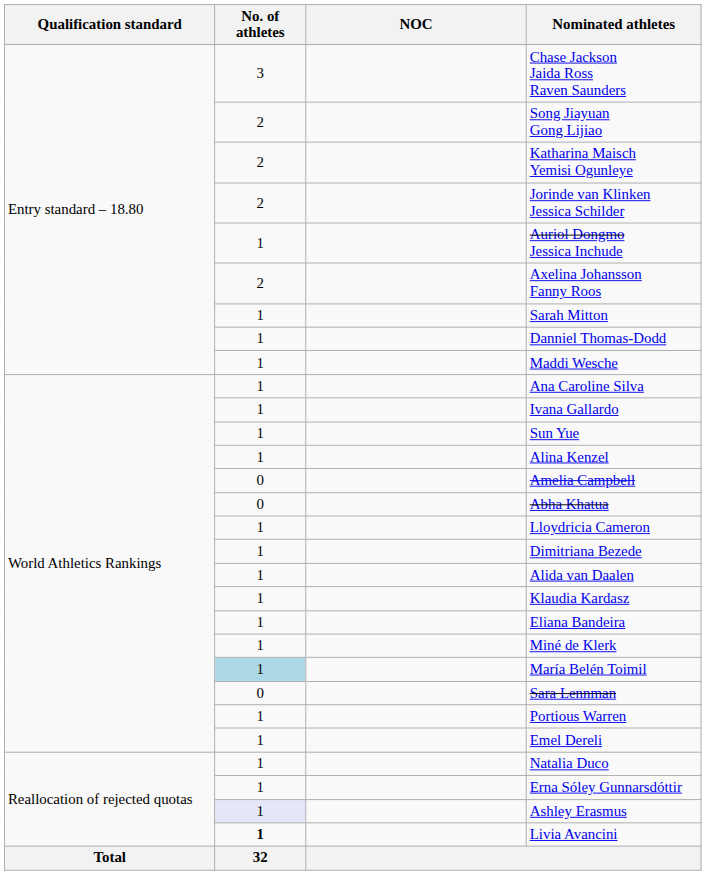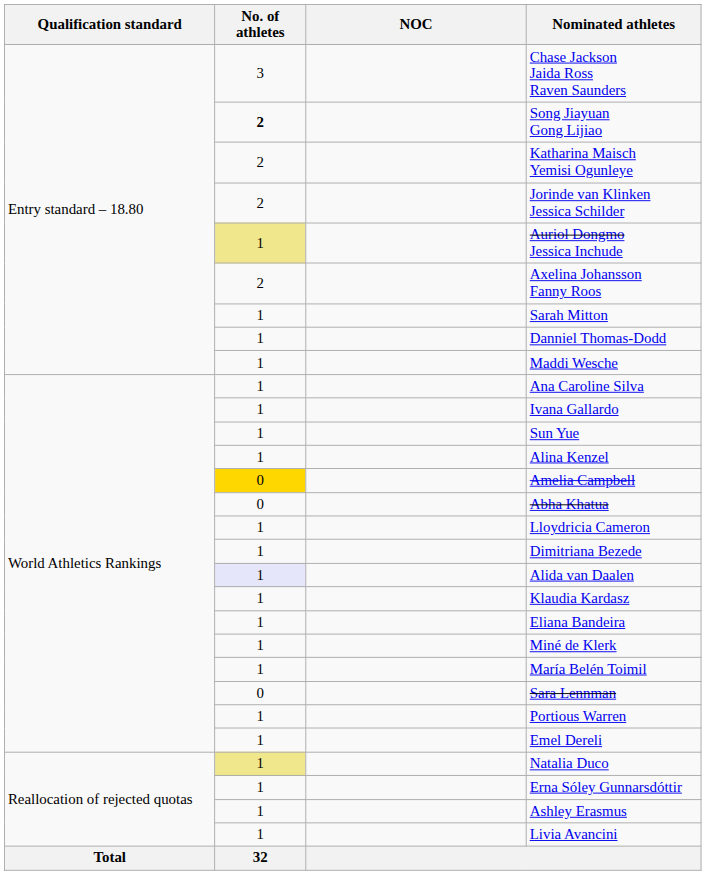 <table class="wikitable sortable" style="text-align:left; width:750px;">
 <tr>
 <th>Qualification standard</th>
 <th width=90>No. of athletes</th>
 <th width=230>NOC</th>
 <th>Nominated athletes</th>
 </tr>
 <tr>
 <td rowspan=9>Entry standard – 18.80</td>
 <td align=center>3</td>
 <td></td>
 <td><a href='#'>Chase Jackson</a><br><a href='#'>Jaida Ross</a><br><a href='#'>Raven Saunders</a></td>
 </tr>
 <tr>
-<td align=center>2</td>
+<td align=center><strong>2</strong></td>
 <td></td>
 <td><a href='#'>Song Jiayuan</a><br><a href='#'>Gong Lijiao</a></td>
 </tr>
 <tr>
 <td align=center>2</td>
 <td></td>
 <td><a href='#'>Katharina Maisch</a><br><a href='#'>Yemisi Ogunleye</a></td>
 </tr>
 <tr>
 <td align=center>2</td>
 <td></td>
 <td><a href='#'>Jorinde van Klinken</a> <br><a href='#'>Jessica Schilder</a></td>
 </tr>
 <tr>
-<td align=center>1</td>
+<td align=center style="background: khaki;">1</td>
 <td></td>
 <td><s><a href='#'>Auriol Dongmo</a></s><br><a href='#'>Jessica Inchude</a></td>
 </tr>
 <tr>
 <td align=center>2</td>
 <td></td>
 <td><a href='#'>Axelina Johansson</a> <br><a href='#'>Fanny Roos</a></td>
 </tr>
 <tr>
 <td align=center>1</td>
 <td></td>
 <td><a href='#'>Sarah Mitton</a></td>
 </tr>
 <tr>
 <td align=center>1</td>
 <td></td>
 <td><a href='#'>Danniel Thomas-Dodd</a></td>
 </tr>
 <tr>
 <td align=center>1</td>
 <td></td>
 <td><a href='#'>Maddi Wesche</a></td>
 </tr>
 <tr>
 <td rowspan=16>World Athletics Rankings</td>
 <td align=center>1</td>
 <td></td>
 <td><a href='#'>Ana Caroline Silva</a></td>
 </tr>
 <tr>
 <td align=center>1</td>
 <td></td>
 <td><a href='#'>Ivana Gallardo</a></td>
 </tr>
 <tr>
 <td align=center>1</td>
 <td></td>
 <td><a href='#'>Sun Yue</a></td>
 </tr>
 <tr>
 <td align=center>1</td>
 <td></td>
 <td><a href='#'>Alina Kenzel</a></td>
 </tr>
 <tr>
-<td align=center>0</td>
+<td align=center style="background: gold;">0</td>
 <td></td>
 <td><a href='#'><s>Amelia Campbell</s></a></td>
 </tr>
 <tr>
 <td align=center>0</td>
 <td></td>
 <td><s><a href='#'>Abha Khatua</a></s></td>
 </tr>
 <tr>
 <td align=center>1</td>
 <td></td>
 <td><a href='#'>Lloydricia Cameron</a></td>
 </tr>
 <tr>
 <td align=center>1</td>
 <td></td>
 <td><a href='#'>Dimitriana Bezede</a></td>
 </tr>
 <tr>
-<td align=center>1</td>
+<td align=center style="background: lavender;">1</td>
 <td></td>
 <td><a href='#'>Alida van Daalen</a></td>
 </tr>
 <tr>
 <td align=center>1</td>
 <td></td>
 <td><a href='#'>Klaudia Kardasz</a></td>
 </tr>
 <tr>
 <td align=center>1</td>
 <td></td>
 <td><a href='#'>Eliana Bandeira</a></td>
 </tr>
 <tr>
 <td align=center>1</td>
 <td></td>
 <td><a href='#'>Miné de Klerk</a></td>
 </tr>
 <tr>
-<td align=center style="background: lightblue;">1</td>
+<td align=center>1</td>
 <td></td>
 <td><a href='#'>María Belén Toimil</a></td>
 </tr>
 <tr>
 <td align=center>0</td>
 <td></td>
 <td><s><a href='#'>Sara Lennman</a></s></td>
 </tr>
 <tr>
 <td align=center>1</td>
 <td></td>
 <td><a href='#'>Portious Warren</a></td>
 </tr>
 <tr>
 <td align=center>1</td>
 <td></td>
 <td><a href='#'>Emel Dereli</a></td>
 </tr>
 <tr>
 <td rowspan=4>Reallocation of rejected quotas</td>
-<td align=center>1</td>
+<td align=center style="background: khaki;">1</td>
 <td></td>
 <td><a href='#'>Natalia Duco</a></td>
 </tr>
 <tr>
 <td align=center>1</td>
 <td></td>
 <td><a href='#'>Erna Sóley Gunnarsdóttir</a></td>
 </tr>
 <tr>
-<td align=center style="background: lavender;">1</td>
+<td align=center>1</td>
 <td></td>
 <td><a href='#'>Ashley Erasmus</a></td>
 </tr>
 <tr>
-<td align=center><strong>1</strong></td>
+<td align=center>1</td>
 <td></td>
 <td><a href='#'>Livia Avancini</a></td>
 </tr>
 <tr>
 <th>Total</th>
 <th>32</th>
 <th colspan=2></th>
 </tr>
 </table>
